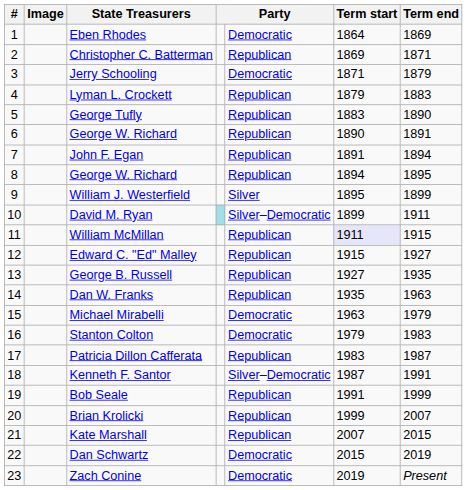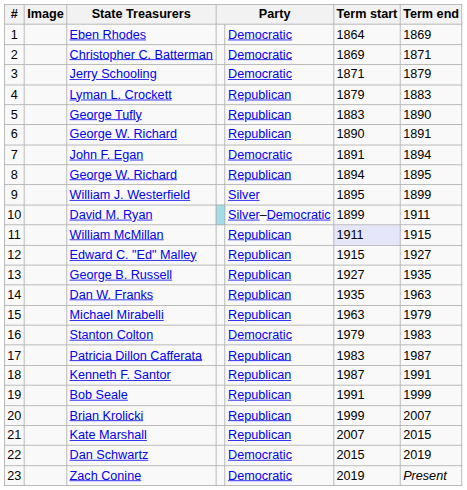 <table class="wikitable">
 <tr>
 <th>#</th>
 <th>Image</th>
 <th>State Treasurers</th>
 <th colspan="2">Party</th>
 <th>Term start</th>
 <th>Term end</th>
 </tr>
 <tr>
 <td style="text-align:center;">1</td>
 <td></td>
 <td><a href='#'>Eben Rhodes</a></td>
 <td style="background: "> </td>
 <td><a href='#'>Democratic</a></td>
 <td>1864</td>
 <td>1869</td>
 </tr>
 <tr>
 <td style="text-align:center;">2</td>
 <td></td>
 <td><a href='#'>Christopher C. Batterman</a></td>
 <td style="background: "> </td>
-<td><a href='#'>Republican</a></td>
+<td><a href='#'>Democratic</a></td>
 <td>1869</td>
 <td>1871</td>
 </tr>
 <tr>
 <td style="text-align:center;">3</td>
 <td></td>
 <td><a href='#'>Jerry Schooling</a></td>
 <td style="background: "> </td>
 <td><a href='#'>Democratic</a></td>
 <td>1871</td>
 <td>1879</td>
 </tr>
 <tr>
 <td style="text-align:center;">4</td>
 <td></td>
 <td><a href='#'>Lyman L. Crockett</a></td>
 <td style="background: "> </td>
 <td><a href='#'>Republican</a></td>
 <td>1879</td>
 <td>1883</td>
 </tr>
 <tr>
 <td style="text-align:center;">5</td>
 <td></td>
 <td><a href='#'>George Tufly</a></td>
 <td style="background: "> </td>
 <td><a href='#'>Republican</a></td>
 <td>1883</td>
 <td>1890</td>
 </tr>
 <tr>
 <td style="text-align:center;">6</td>
 <td></td>
 <td><a href='#'>George W. Richard</a></td>
 <td style="background: "> </td>
 <td><a href='#'>Republican</a></td>
 <td>1890</td>
 <td>1891</td>
 </tr>
 <tr>
 <td style="text-align:center;">7</td>
 <td></td>
 <td><a href='#'>John F. Egan</a></td>
 <td style="background: "> </td>
-<td><a href='#'>Republican</a></td>
+<td><a href='#'>Democratic</a></td>
 <td>1891</td>
 <td>1894</td>
 </tr>
 <tr>
 <td style="text-align:center;">8</td>
 <td></td>
 <td><a href='#'>George W. Richard</a></td>
 <td style="background: "> </td>
 <td><a href='#'>Republican</a></td>
 <td>1894</td>
 <td>1895</td>
 </tr>
 <tr>
 <td style="text-align:center;">9</td>
 <td></td>
 <td><a href='#'>William J. Westerfield</a></td>
 <td style="background: "> </td>
 <td><a href='#'>Silver</a></td>
 <td>1895</td>
 <td>1899</td>
 </tr>
 <tr>
 <td style="text-align:center;">10</td>
 <td></td>
 <td><a href='#'>David M. Ryan</a></td>
 <td bgcolor=#A3DEE6> </td>
 <td><a href='#'>Silver</a>–<a href='#'>Democratic</a></td>
 <td>1899</td>
 <td>1911</td>
 </tr>
 <tr>
 <td style="text-align:center;">11</td>
 <td></td>
 <td><a href='#'>William McMillan</a></td>
 <td style="background: "> </td>
 <td><a href='#'>Republican</a></td>
 <td style="background: lavender;">1911</td>
 <td>1915</td>
 </tr>
 <tr>
 <td style="text-align:center;">12</td>
 <td></td>
 <td><a href='#'>Edward C. "Ed" Malley</a></td>
 <td style="background: "> </td>
 <td><a href='#'>Republican</a></td>
 <td>1915</td>
 <td>1927</td>
 </tr>
 <tr>
 <td style="text-align:center;">13</td>
 <td></td>
 <td><a href='#'>George B. Russell</a></td>
 <td style="background: "> </td>
 <td><a href='#'>Republican</a></td>
 <td>1927</td>
 <td>1935</td>
 </tr>
 <tr>
 <td style="text-align:center;">14</td>
 <td></td>
 <td><a href='#'>Dan W. Franks</a></td>
 <td style="background: "> </td>
 <td><a href='#'>Republican</a></td>
 <td>1935</td>
 <td>1963</td>
 </tr>
 <tr>
 <td style="text-align:center;">15</td>
 <td></td>
 <td><a href='#'>Michael Mirabelli</a></td>
 <td style="background: "> </td>
-<td><a href='#'>Democratic</a></td>
+<td><a href='#'>Republican</a></td>
 <td>1963</td>
 <td>1979</td>
 </tr>
 <tr>
 <td style="text-align:center;">16</td>
 <td></td>
 <td><a href='#'>Stanton Colton</a></td>
 <td style="background: "> </td>
 <td><a href='#'>Democratic</a></td>
 <td>1979</td>
 <td>1983</td>
 </tr>
 <tr>
 <td style="text-align:center;">17</td>
 <td></td>
 <td><a href='#'>Patricia Dillon Cafferata</a></td>
 <td style="background: "> </td>
 <td><a href='#'>Republican</a></td>
 <td>1983</td>
 <td>1987</td>
 </tr>
 <tr>
 <td style="text-align:center;">18</td>
 <td></td>
 <td><a href='#'>Kenneth F. Santor</a></td>
 <td style="background: "> </td>
-<td><a href='#'>Silver</a>–<a href='#'>Democratic</a></td>
+<td><a href='#'>Republican</a></td>
 <td>1987</td>
 <td>1991</td>
 </tr>
 <tr>
 <td style="text-align:center;">19</td>
 <td></td>
 <td><a href='#'>Bob Seale</a></td>
 <td style="background: "> </td>
 <td><a href='#'>Republican</a></td>
 <td>1991</td>
 <td>1999</td>
 </tr>
 <tr>
 <td style="text-align:center;">20</td>
 <td></td>
 <td><a href='#'>Brian Krolicki</a></td>
 <td style="background: "> </td>
 <td><a href='#'>Republican</a></td>
 <td>1999</td>
 <td>2007</td>
 </tr>
 <tr>
 <td style="text-align:center;">21</td>
 <td></td>
 <td><a href='#'>Kate Marshall</a></td>
 <td style="background: "> </td>
 <td><a href='#'>Republican</a></td>
 <td>2007</td>
 <td>2015</td>
 </tr>
 <tr>
 <td style="text-align:center;">22</td>
 <td></td>
 <td><a href='#'>Dan Schwartz</a></td>
 <td style="background: "> </td>
 <td><a href='#'>Democratic</a></td>
 <td>2015</td>
 <td>2019</td>
 </tr>
 <tr>
 <td style="text-align:center;">23</td>
 <td></td>
 <td><a href='#'>Zach Conine</a></td>
 <td style="background: "> </td>
 <td><a href='#'>Democratic</a></td>
 <td>2019</td>
 <td><em>Present</em></td>
 </tr>
 </table>
